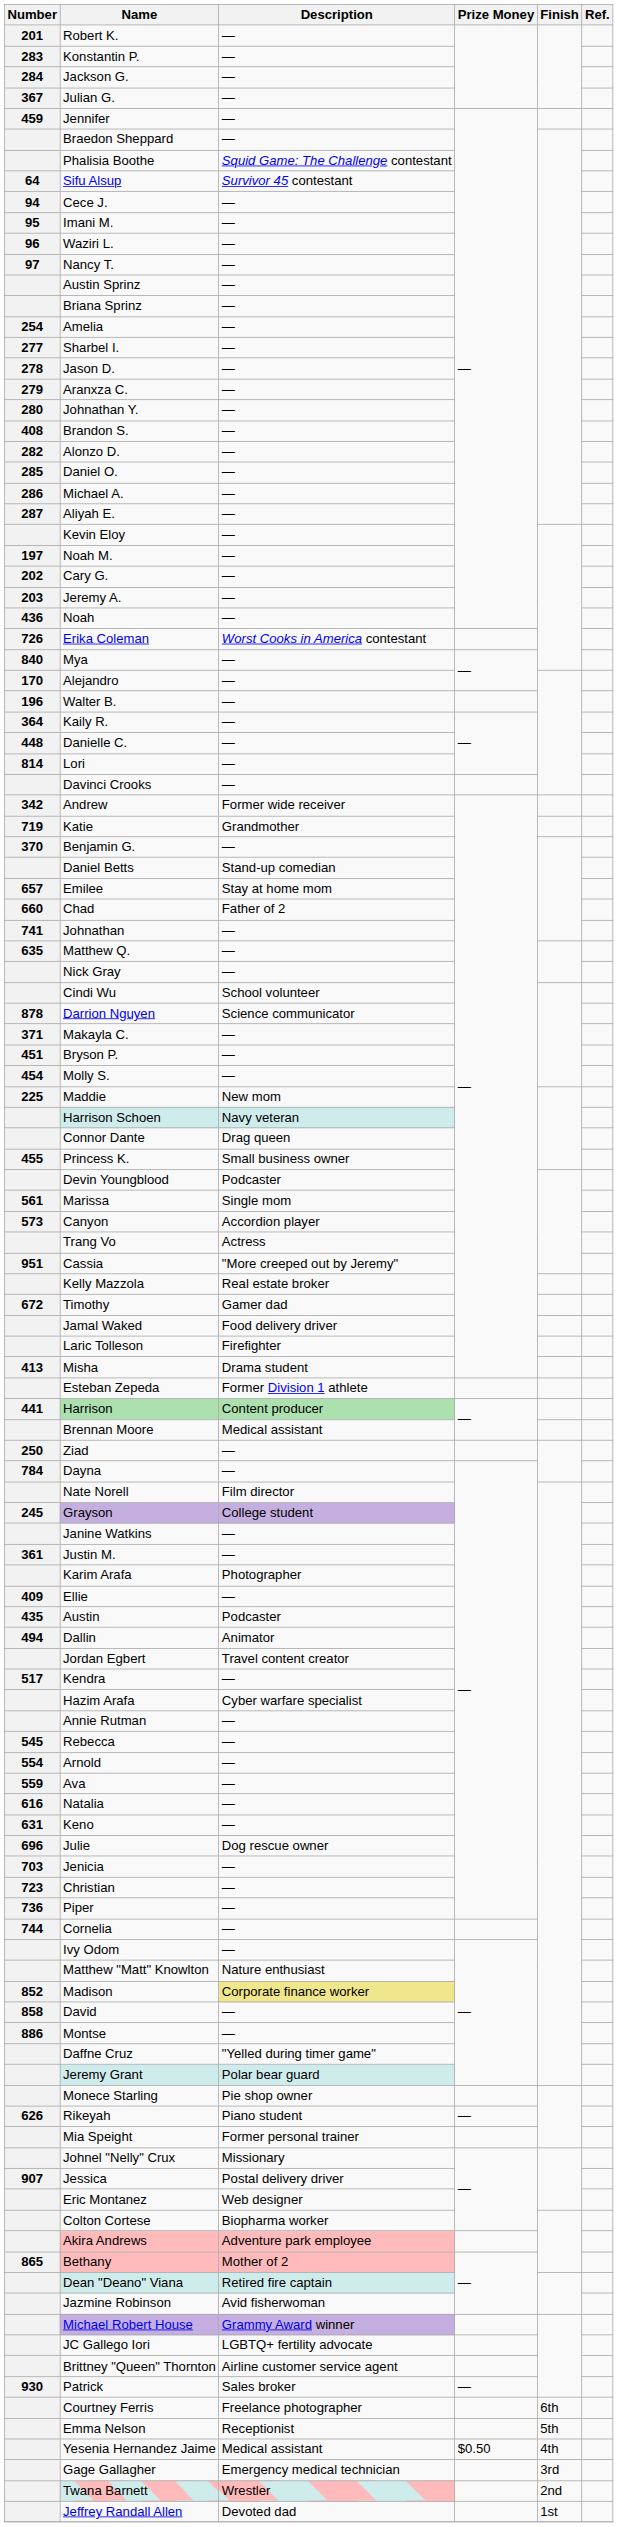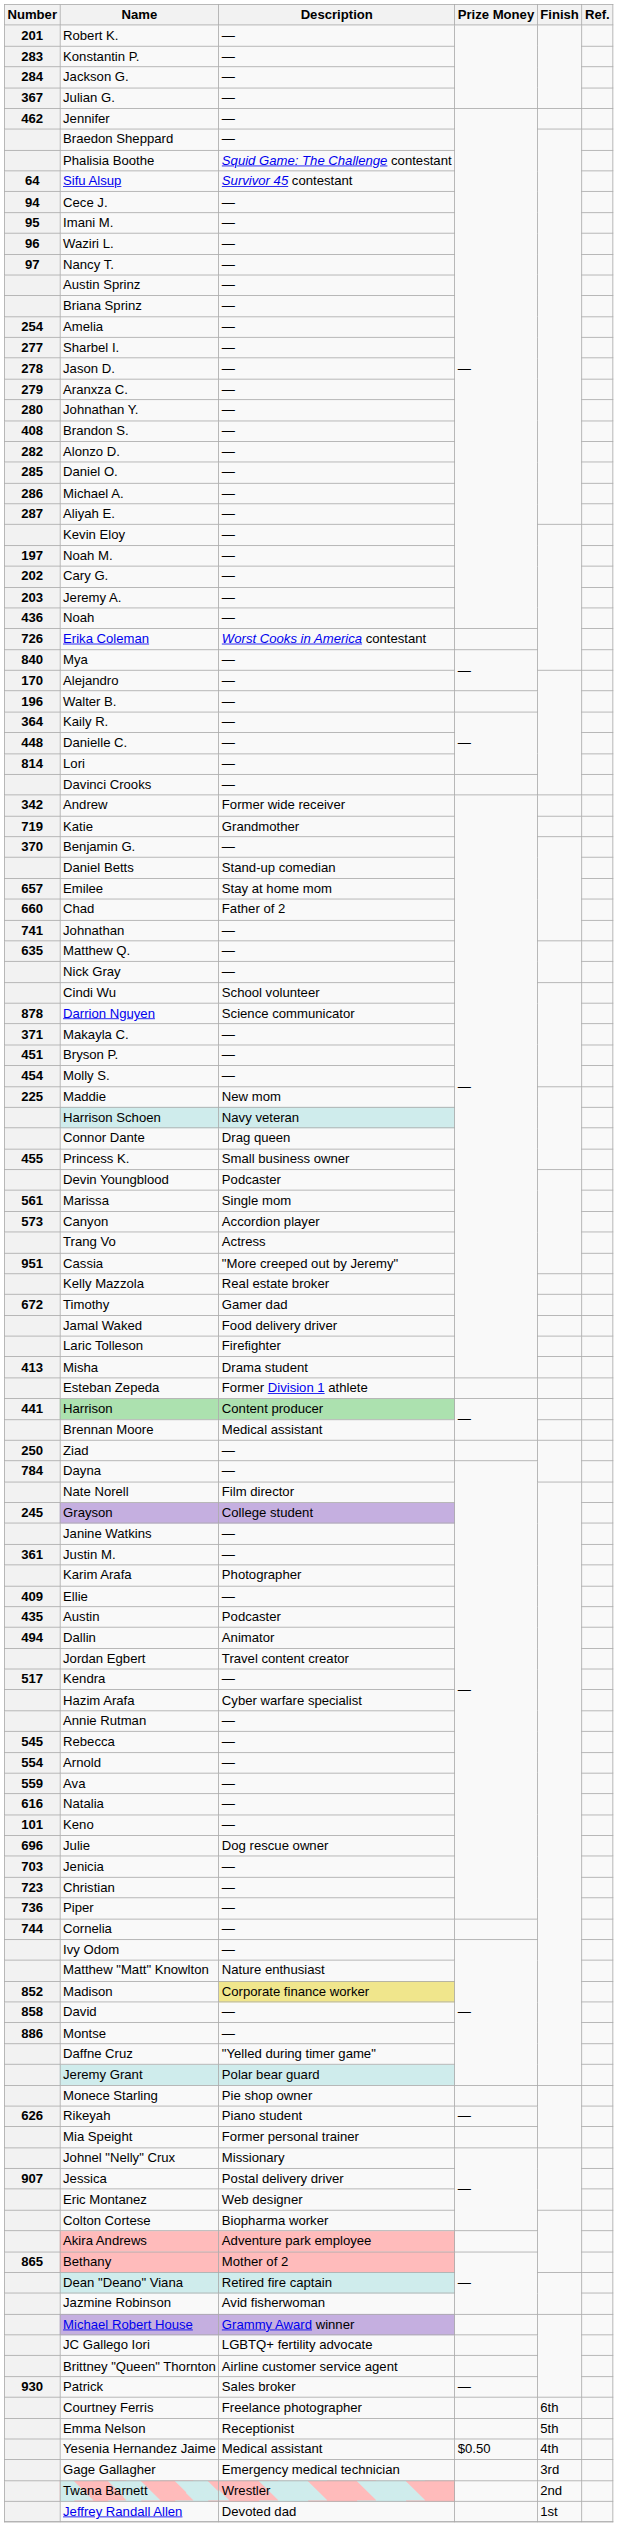 <table class="wikitable sortable plainrowheaders defaultcenter col3left col4left">
 <tr>
 <th scope="col">Number</th>
 <th scope="col">Name</th>
 <th scope="col" class="unsortable">Description</th>
 <th scope="col">Prize Money</th>
 <th scope="col">Finish</th>
 <th scope="col" class="unsortable">Ref.</th>
 </tr>
 <tr>
 <th scope="row">201</th>
 <td>Robert K.</td>
 <td>—</td>
 <td rowspan="4"></td>
 <td rowspan="4" style="text-align: center;"></td>
 <td style="text-align: center;"></td>
 </tr>
 <tr>
 <th scope="row">283</th>
 <td>Konstantin P.</td>
 <td>—</td>
 <td style="text-align: center;"></td>
 </tr>
 <tr>
 <th scope="row">284</th>
 <td>Jackson G.</td>
 <td>—</td>
 <td style="text-align: center;"></td>
 </tr>
 <tr>
 <th scope="row">367</th>
 <td>Julian G.</td>
 <td>—</td>
 <td style="text-align: center;"></td>
 </tr>
 <tr>
-<th scope="row">459</th>
+<th scope="row">462</th>
 <td>Jennifer</td>
 <td>—</td>
 <td rowspan="25">—</td>
 <td style="text-align: center;"></td>
 <td></td>
 </tr>
 <tr>
 <th scope="row"></th>
 <td>Braedon Sheppard</td>
 <td>—</td>
 <td rowspan="19" style="text-align: center;"></td>
 <td></td>
 </tr>
 <tr>
 <th scope="row"></th>
 <td>Phalisia Boothe</td>
 <td><em><a href='#'>Squid Game: The Challenge</a></em> contestant</td>
 <td style="text-align: center;"></td>
 </tr>
 <tr>
 <th scope="row">64</th>
 <td><a href='#'>Sifu Alsup</a></td>
 <td><em><a href='#'>Survivor 45</a></em> contestant</td>
 <td style="text-align: center;"></td>
 </tr>
 <tr>
 <th scope="row">94</th>
 <td>Cece J.</td>
 <td>—</td>
 <td style="text-align: center;"></td>
 </tr>
 <tr>
 <th scope="row">95</th>
 <td>Imani M.</td>
 <td>—</td>
 <td style="text-align: center;"></td>
 </tr>
 <tr>
 <th scope="row">96</th>
 <td>Waziri L.</td>
 <td>—</td>
 <td style="text-align: center;"></td>
 </tr>
 <tr>
 <th scope="row">97</th>
 <td>Nancy T.</td>
 <td>—</td>
 <td style="text-align: center;"></td>
 </tr>
 <tr>
 <th scope="row"></th>
 <td>Austin Sprinz</td>
 <td>—</td>
 <td style="text-align: center;"></td>
 </tr>
 <tr>
 <th scope="row"></th>
 <td>Briana Sprinz</td>
 <td>—</td>
 <td style="text-align: center;"></td>
 </tr>
 <tr>
 <th scope="row">254</th>
 <td>Amelia</td>
 <td>—</td>
 <td style="text-align: center;"></td>
 </tr>
 <tr>
 <th scope="row">277</th>
 <td>Sharbel I.</td>
 <td>—</td>
 <td style="text-align: center;"></td>
 </tr>
 <tr>
 <th scope="row">278</th>
 <td>Jason D.</td>
 <td>—</td>
 <td style="text-align: center;"></td>
 </tr>
 <tr>
 <th scope="row">279</th>
 <td>Aranxza C.</td>
 <td>—</td>
 <td style="text-align: center;"></td>
 </tr>
 <tr>
 <th scope="row">280</th>
 <td>Johnathan Y.</td>
 <td>—</td>
 <td style="text-align: center;"></td>
 </tr>
 <tr>
 <th scope="row">408</th>
 <td>Brandon S.</td>
 <td>—</td>
 <td style="text-align: center;"></td>
 </tr>
 <tr>
 <th scope="row">282</th>
 <td>Alonzo D.</td>
 <td>—</td>
 <td style="text-align: center;"></td>
 </tr>
 <tr>
 <th scope="row">285</th>
 <td>Daniel O.</td>
 <td>—</td>
 <td style="text-align: center;"></td>
 </tr>
 <tr>
 <th scope="row">286</th>
 <td>Michael A.</td>
 <td>—</td>
 <td style="text-align: center;"></td>
 </tr>
 <tr>
 <th scope="row">287</th>
 <td>Aliyah E.</td>
 <td>—</td>
 <td style="text-align: center;"></td>
 </tr>
 <tr>
 <th scope="row"></th>
 <td>Kevin Eloy</td>
 <td>—</td>
 <td rowspan="7" style="text-align: center;"></td>
 <td></td>
 </tr>
 <tr>
 <th scope="row">197</th>
 <td>Noah M.</td>
 <td>—</td>
 <td style="text-align: center;"></td>
 </tr>
 <tr>
 <th scope="row">202</th>
 <td>Cary G.</td>
 <td>—</td>
 <td style="text-align: center;"></td>
 </tr>
 <tr>
 <th scope="row">203</th>
 <td>Jeremy A.</td>
 <td>—</td>
 <td style="text-align: center;"></td>
 </tr>
 <tr>
 <th scope="row">436</th>
 <td>Noah</td>
 <td>—</td>
 <td style="text-align: center;"></td>
 </tr>
 <tr>
 <th scope="row">726</th>
 <td><a href='#'>Erika Coleman</a></td>
 <td><em><a href='#'>Worst Cooks in America</a></em> contestant</td>
 <td></td>
 <td style="text-align: center;"></td>
 </tr>
 <tr>
 <th scope="row">840</th>
 <td>Mya</td>
 <td>—</td>
 <td rowspan="2">—</td>
 <td style="text-align: center;"></td>
 </tr>
 <tr>
 <th scope="row">170</th>
 <td>Alejandro</td>
 <td>—</td>
 <td rowspan="6" style="text-align: center;"></td>
 <td></td>
 </tr>
 <tr>
 <th scope="row">196</th>
 <td>Walter B.</td>
 <td>—</td>
 <td></td>
 <td></td>
 </tr>
 <tr>
 <th scope="row">364</th>
 <td>Kaily R.</td>
 <td>—</td>
 <td rowspan="3">—</td>
 <td style="text-align: center;"></td>
 </tr>
 <tr>
 <th scope="row">448</th>
 <td>Danielle C.</td>
 <td>—</td>
 <td style="text-align: center;"></td>
 </tr>
 <tr>
 <th scope="row">814</th>
 <td>Lori</td>
 <td>—</td>
 <td style="text-align: center;"></td>
 </tr>
 <tr>
 <th scope="row"></th>
 <td>Davinci Crooks</td>
 <td>—</td>
 <td></td>
 <td></td>
 </tr>
 <tr>
 <th scope="row">342</th>
 <td>Andrew</td>
 <td>Former wide receiver</td>
 <td rowspan="28">—</td>
 <td style="text-align: center;"></td>
 <td></td>
 </tr>
 <tr>
 <th scope="row">719</th>
 <td>Katie</td>
 <td>Grandmother</td>
 <td style="text-align: center;"></td>
 <td></td>
 </tr>
 <tr>
 <th scope="row">370</th>
 <td>Benjamin G.</td>
 <td>—</td>
 <td rowspan="5" style="text-align: center;"></td>
 <td style="text-align: center;"></td>
 </tr>
 <tr>
 <th scope="row"></th>
 <td>Daniel Betts</td>
 <td>Stand-up comedian</td>
 <td style="text-align: center;"></td>
 </tr>
 <tr>
 <th scope="row">657</th>
 <td>Emilee</td>
 <td>Stay at home mom</td>
 <td style="text-align: center;"></td>
 </tr>
 <tr>
 <th scope="row">660</th>
 <td>Chad</td>
 <td>Father of 2</td>
 <td style="text-align: center;"></td>
 </tr>
 <tr>
 <th scope="row">741</th>
 <td>Johnathan</td>
 <td>—</td>
 <td style="text-align: center;"></td>
 </tr>
 <tr>
 <th scope="row">635</th>
 <td>Matthew Q.</td>
 <td>—</td>
 <td rowspan="2" style="text-align: center;"></td>
 <td></td>
 </tr>
 <tr>
 <th scope="row"></th>
 <td>Nick Gray</td>
 <td>—</td>
 <td style="text-align: center;"></td>
 </tr>
 <tr>
 <th scope="row"></th>
 <td>Cindi Wu</td>
 <td>School volunteer</td>
 <td rowspan="5" style="text-align: center;"></td>
 <td></td>
 </tr>
 <tr>
 <th scope="row">878</th>
 <td><a href='#'>Darrion Nguyen</a></td>
 <td>Science communicator</td>
 <td style="text-align: center;"></td>
 </tr>
 <tr>
 <th scope="row">371</th>
 <td>Makayla C.</td>
 <td>—</td>
 <td style="text-align: center;"></td>
 </tr>
 <tr>
 <th scope="row">451</th>
 <td>Bryson P.</td>
 <td>—</td>
 <td style="text-align: center;"></td>
 </tr>
 <tr>
 <th scope="row">454</th>
 <td>Molly S.</td>
 <td>—</td>
 <td style="text-align: center;"></td>
 </tr>
 <tr>
 <th scope="row">225</th>
 <td>Maddie</td>
 <td>New mom</td>
 <td rowspan="4" style="text-align: center;"></td>
 <td style="text-align: center;"></td>
 </tr>
 <tr>
 <th scope="row"></th>
 <td style="background:#CFECEC;">Harrison Schoen</td>
 <td style="background:#CFECEC;">Navy veteran</td>
 <td></td>
 </tr>
 <tr>
 <th scope="row"></th>
 <td>Connor Dante</td>
 <td>Drag queen</td>
 <td></td>
 </tr>
 <tr>
 <th scope="row">455</th>
 <td>Princess K.</td>
 <td>Small business owner</td>
 <td style="text-align: center;"></td>
 </tr>
 <tr>
 <th scope="row"></th>
 <td>Devin Youngblood</td>
 <td>Podcaster</td>
 <td rowspan="5" style="text-align: center;"></td>
 <td></td>
 </tr>
 <tr>
 <th scope="row">561</th>
 <td>Marissa</td>
 <td>Single mom</td>
 <td style="text-align: center;"></td>
 </tr>
 <tr>
 <th scope="row">573</th>
 <td>Canyon</td>
 <td>Accordion player</td>
 <td style="text-align: center;"></td>
 </tr>
 <tr>
 <th scope="row"></th>
 <td>Trang Vo</td>
 <td>Actress</td>
 <td style="text-align: center;"></td>
 </tr>
 <tr>
 <th scope="row">951</th>
 <td>Cassia</td>
 <td>"More creeped out by Jeremy"</td>
 <td style="text-align: center;"></td>
 </tr>
 <tr>
 <th scope="row"></th>
 <td>Kelly Mazzola</td>
 <td>Real estate broker</td>
 <td style="text-align: center;"></td>
 <td></td>
 </tr>
 <tr>
 <th scope="row">672</th>
 <td>Timothy</td>
 <td>Gamer dad</td>
 <td style="text-align: center;"></td>
 <td></td>
 </tr>
 <tr>
 <th scope="row"></th>
 <td>Jamal Waked</td>
 <td>Food delivery driver</td>
 <td style="text-align: center;"></td>
 <td></td>
 </tr>
 <tr>
 <th scope="row"></th>
 <td>Laric Tolleson</td>
 <td>Firefighter</td>
 <td style="text-align: center;"></td>
 <td></td>
 </tr>
 <tr>
 <th scope="row">413</th>
 <td>Misha</td>
 <td>Drama student</td>
 <td style="text-align: center;"></td>
 <td></td>
 </tr>
 <tr>
 <th scope="row"></th>
 <td>Esteban Zepeda</td>
 <td>Former <a href='#'>Division 1</a> athlete</td>
 <td></td>
 <td style="text-align: center;"></td>
 <td></td>
 </tr>
 <tr>
 <th scope="row">441</th>
 <td style="background:#ACE1AF;">Harrison</td>
 <td style="background:#ACE1AF;">Content producer</td>
 <td rowspan="2">—</td>
 <td style="text-align: center;"></td>
 <td></td>
 </tr>
 <tr>
 <th scope="row"></th>
 <td>Brennan Moore</td>
 <td>Medical assistant</td>
 <td style="text-align: center;"></td>
 <td></td>
 </tr>
 <tr>
 <th scope="row">250</th>
 <td>Ziad</td>
 <td>—</td>
 <td></td>
 <td rowspan="2" style="text-align: center;"></td>
 <td style="text-align: center;"></td>
 </tr>
 <tr>
 <th scope="row">784</th>
 <td>Dayna</td>
 <td>—</td>
 <td rowspan="22">—</td>
 <td style="text-align: center;"></td>
 </tr>
 <tr>
 <th scope="row"></th>
 <td>Nate Norell</td>
 <td>Film director</td>
 <td rowspan="29" style="text-align: center;"></td>
 <td style="text-align: center;"></td>
 </tr>
 <tr>
 <th scope="row">245</th>
 <td style="background:#C5AFE0;">Grayson</td>
 <td style="background:#C5AFE0;">College student</td>
 <td style="text-align: center;"></td>
 </tr>
 <tr>
 <th scope="row"></th>
 <td>Janine Watkins</td>
 <td>—</td>
 <td style="text-align: center;"></td>
 </tr>
 <tr>
 <th scope="row">361</th>
 <td>Justin M.</td>
 <td>—</td>
 <td style="text-align: center;"></td>
 </tr>
 <tr>
 <th scope="row"></th>
 <td>Karim Arafa</td>
 <td>Photographer</td>
 <td style="text-align: center;"></td>
 </tr>
 <tr>
 <th scope="row">409</th>
 <td>Ellie</td>
 <td>—</td>
 <td style="text-align: center;"></td>
 </tr>
 <tr>
 <th scope="row">435</th>
 <td>Austin</td>
 <td>Podcaster</td>
 <td style="text-align: center;"></td>
 </tr>
 <tr>
 <th scope="row">494</th>
 <td>Dallin</td>
 <td>Animator</td>
 <td style="text-align: center;"></td>
 </tr>
 <tr>
 <th scope="row"></th>
 <td>Jordan Egbert</td>
 <td>Travel content creator</td>
 <td style="text-align: center;"></td>
 </tr>
 <tr>
 <th scope="row">517</th>
 <td>Kendra</td>
 <td>—</td>
 <td style="text-align: center;"></td>
 </tr>
 <tr>
 <th scope="row"></th>
 <td>Hazim Arafa</td>
 <td>Cyber warfare specialist</td>
 <td style="text-align: center;"></td>
 </tr>
 <tr>
 <th scope="row"></th>
 <td>Annie Rutman</td>
 <td>—</td>
 <td style="text-align: center;"></td>
 </tr>
 <tr>
 <th scope="row">545</th>
 <td>Rebecca</td>
 <td>—</td>
 <td style="text-align: center;"></td>
 </tr>
 <tr>
 <th scope="row">554</th>
 <td>Arnold</td>
 <td>—</td>
 <td style="text-align: center;"></td>
 </tr>
 <tr>
 <th scope="row">559</th>
 <td>Ava</td>
 <td>—</td>
 <td style="text-align: center;"></td>
 </tr>
 <tr>
 <th scope="row">616</th>
 <td>Natalia</td>
 <td>—</td>
 <td style="text-align: center;"></td>
 </tr>
 <tr>
-<th scope="row">631</th>
+<th scope="row">101</th>
 <td>Keno</td>
 <td>—</td>
 <td style="text-align: center;"></td>
 </tr>
 <tr>
 <th scope="row">696</th>
 <td>Julie</td>
 <td>Dog rescue owner</td>
 <td style="text-align: center;"></td>
 </tr>
 <tr>
 <th scope="row">703</th>
 <td>Jenicia</td>
 <td>—</td>
 <td style="text-align: center;"></td>
 </tr>
 <tr>
 <th scope="row">723</th>
 <td>Christian</td>
 <td>—</td>
 <td style="text-align: center;"></td>
 </tr>
 <tr>
 <th scope="row">736</th>
 <td>Piper</td>
 <td>—</td>
 <td style="text-align: center;"></td>
 </tr>
 <tr>
 <th scope="row">744</th>
 <td>Cornelia</td>
 <td>—</td>
 <td></td>
 <td style="text-align: center;"></td>
 </tr>
 <tr>
 <th scope="row"></th>
 <td>Ivy Odom</td>
 <td>—</td>
 <td rowspan="7">—</td>
 <td style="text-align: center;"></td>
 </tr>
 <tr>
 <th scope="row"></th>
 <td>Matthew "Matt" Knowlton</td>
 <td>Nature enthusiast</td>
 <td style="text-align: center;"></td>
 </tr>
 <tr>
 <th scope="row">852</th>
 <td>Madison</td>
 <td style="background: khaki;">Corporate finance worker</td>
 <td style="text-align: center;"></td>
 </tr>
 <tr>
 <th scope="row">858</th>
 <td>David</td>
 <td>—</td>
 <td style="text-align: center;"></td>
 </tr>
 <tr>
 <th scope="row">886</th>
 <td>Montse</td>
 <td>—</td>
 <td style="text-align: center;"></td>
 </tr>
 <tr>
 <th scope="row"></th>
 <td>Daffne Cruz</td>
 <td>"Yelled during timer game"</td>
 <td></td>
 </tr>
 <tr>
 <th scope="row"></th>
 <td style="background:#CFECEC;">Jeremy Grant</td>
 <td style="background:#CFECEC;">Polar bear guard</td>
 <td style="text-align: center;"></td>
 </tr>
 <tr>
 <th scope="row"></th>
 <td>Monece Starling</td>
 <td>Pie shop owner</td>
 <td></td>
 <td rowspan="3" style="text-align: center;"></td>
 <td></td>
 </tr>
 <tr>
 <th scope="row">626</th>
 <td>Rikeyah</td>
 <td>Piano student</td>
 <td>—</td>
 <td style="text-align: center;"></td>
 </tr>
 <tr>
 <th scope="row"></th>
 <td>Mia Speight</td>
 <td>Former personal trainer</td>
 <td></td>
 <td></td>
 </tr>
 <tr>
 <th scope="row"></th>
 <td>Johnel "Nelly" Crux</td>
 <td>Missionary</td>
 <td rowspan="4">—</td>
 <td rowspan="3" style="text-align: center;"></td>
 <td></td>
 </tr>
 <tr>
 <th scope="row">907</th>
 <td>Jessica</td>
 <td>Postal delivery driver</td>
 <td style="text-align: center;"></td>
 </tr>
 <tr>
 <th scope="row"></th>
 <td>Eric Montanez</td>
 <td>Web designer</td>
 <td style="text-align: center;"></td>
 </tr>
 <tr>
 <th scope="row"></th>
 <td>Colton Cortese</td>
 <td>Biopharma worker</td>
 <td rowspan="3" style="text-align: center;"></td>
 <td></td>
 </tr>
 <tr>
 <th scope="row"></th>
 <td style="background:#FFBBBB;">Akira Andrews</td>
 <td style="background:#FFBBBB;">Adventure park employee</td>
 <td></td>
 <td style="text-align: center;"></td>
 </tr>
 <tr>
 <th scope="row">865</th>
 <td style="background:#FFBBBB;">Bethany</td>
 <td style="background:#FFBBBB;">Mother of 2</td>
 <td rowspan="3">—</td>
 <td></td>
 </tr>
 <tr>
 <th scope="row"></th>
 <td style="background:#CFECEC;">Dean "Deano" Viana</td>
 <td style="background:#CFECEC;">Retired fire captain</td>
 <td rowspan="2" style="text-align: center;"></td>
 <td></td>
 </tr>
 <tr>
 <th scope="row"></th>
 <td>Jazmine Robinson</td>
 <td>Avid fisherwoman</td>
 <td style="text-align: center;"></td>
 </tr>
 <tr>
 <th scope="row"></th>
 <td style="background:#C5AFE0;"><a href='#'>Michael Robert House</a></td>
 <td style="background:#C5AFE0;"><a href='#'>Grammy Award</a> winner</td>
 <td></td>
 <td rowspan="4" style="text-align: center;"></td>
 <td></td>
 </tr>
 <tr>
 <th scope="row"></th>
 <td>JC Gallego Iori</td>
 <td>LGBTQ+ fertility advocate</td>
 <td></td>
 <td></td>
 </tr>
 <tr>
 <th scope="row"></th>
 <td>Brittney "Queen" Thornton</td>
 <td>Airline customer service agent</td>
 <td></td>
 <td></td>
 </tr>
 <tr>
 <th scope="row">930</th>
 <td>Patrick</td>
 <td>Sales broker</td>
 <td>—</td>
 <td></td>
 </tr>
 <tr>
 <th scope="row"></th>
 <td>Courtney Ferris</td>
 <td>Freelance photographer</td>
 <td></td>
 <td>6th</td>
 <td></td>
 </tr>
 <tr>
 <th scope="row"></th>
 <td>Emma Nelson</td>
 <td>Receptionist</td>
 <td></td>
 <td>5th</td>
 <td></td>
 </tr>
 <tr>
 <th scope="row"></th>
 <td>Yesenia Hernandez Jaime</td>
 <td>Medical assistant</td>
 <td>$0.50</td>
 <td>4th</td>
 <td></td>
 </tr>
 <tr>
 <th scope="row"></th>
 <td>Gage Gallagher</td>
 <td>Emergency medical technician</td>
 <td></td>
 <td>3rd</td>
 <td></td>
 </tr>
 <tr>
 <th scope="row"></th>
 <td style="background: repeating-linear-gradient(45deg, #CFECEC 0%, #CFECEC 10%, #FFBBBB 10%, #FFBBBB 20%); background-size: 200% 100%;">Twana Barnett</td>
 <td style="background: repeating-linear-gradient(45deg, #CFECEC 0%, #CFECEC 10%, #FFBBBB 10%, #FFBBBB 20%); background-size: 200% 100%; background-position: -100% 0;">Wrestler</td>
 <td></td>
 <td>2nd</td>
 <td></td>
 </tr>
 <tr>
 <th scope="row"></th>
 <td><a href='#'>Jeffrey Randall Allen</a></td>
 <td>Devoted dad</td>
 <td></td>
 <td>1st</td>
 <td></td>
 </tr>
 <tr>
 </tr>
 </table>
